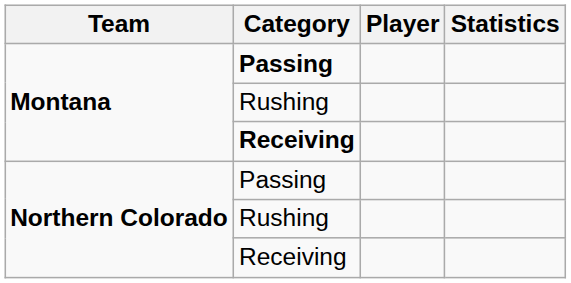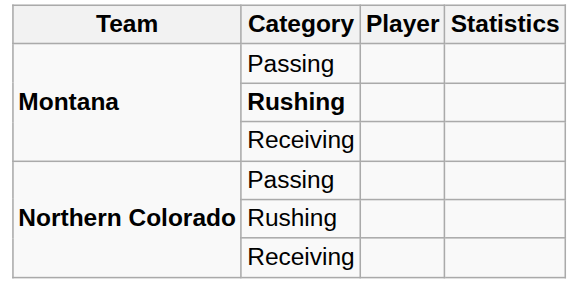 <table class="wikitable" style="float: right;">
 <tr>
 <th>Team</th>
 <th>Category</th>
 <th>Player</th>
 <th>Statistics</th>
 </tr>
 <tr>
 <td rowspan=3><strong>Montana</strong></td>
-<td><strong>Passing</strong></td>
+<td>Passing</td>
 <td></td>
 <td></td>
 </tr>
 <tr>
-<td>Rushing</td>
+<td><strong>Rushing</strong></td>
 <td></td>
 <td></td>
 </tr>
 <tr>
-<td><strong>Receiving</strong></td>
+<td>Receiving</td>
 <td></td>
 <td></td>
 </tr>
 <tr>
 <td rowspan=3><strong>Northern Colorado</strong></td>
 <td>Passing</td>
 <td></td>
 <td></td>
 </tr>
 <tr>
 <td>Rushing</td>
 <td></td>
 <td></td>
 </tr>
 <tr>
 <td>Receiving</td>
 <td></td>
 <td></td>
 </tr>
 </table>
